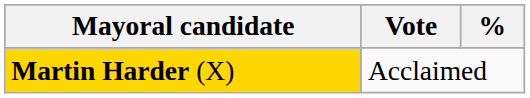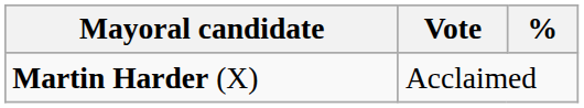 <table class="wikitable">
 <tr>
 <th width="200px">Mayoral candidate</th>
 <th width="50px">Vote</th>
 <th width="30px">%</th>
 </tr>
 <tr>
-<td style="background: gold;"><strong>Martin Harder</strong> (X)</td>
+<td><strong>Martin Harder</strong> (X)</td>
 <td colspan="2">Acclaimed</td>
 </tr>
 </table>
